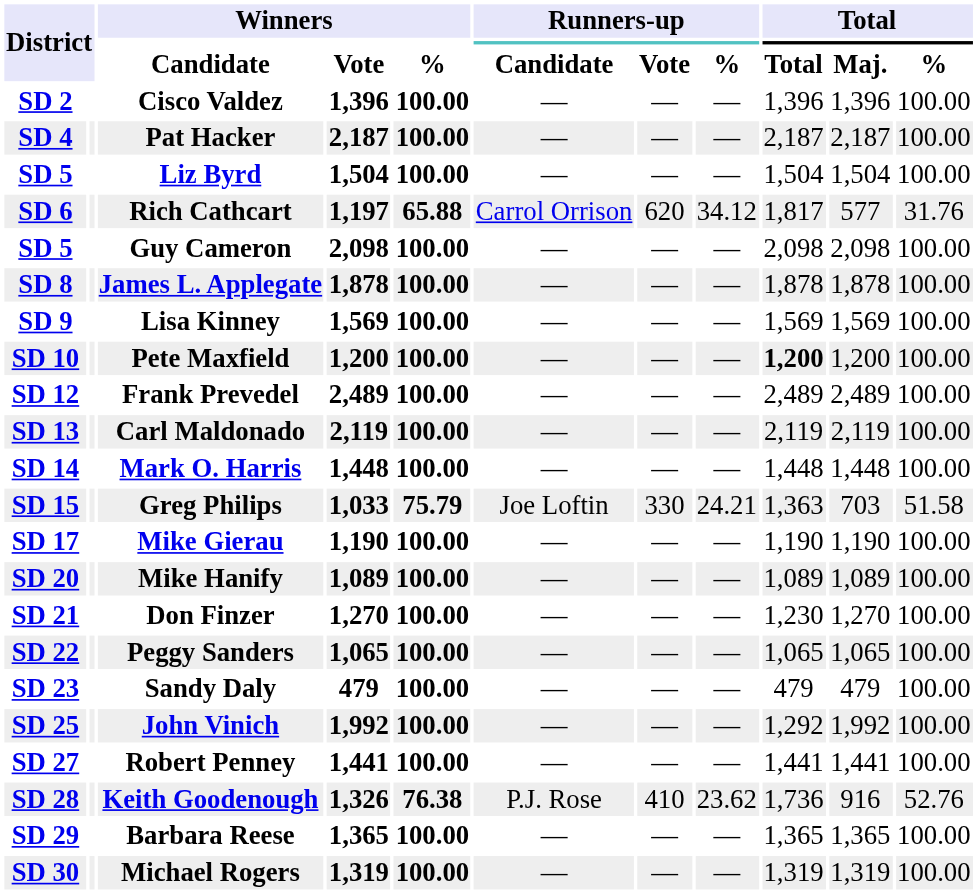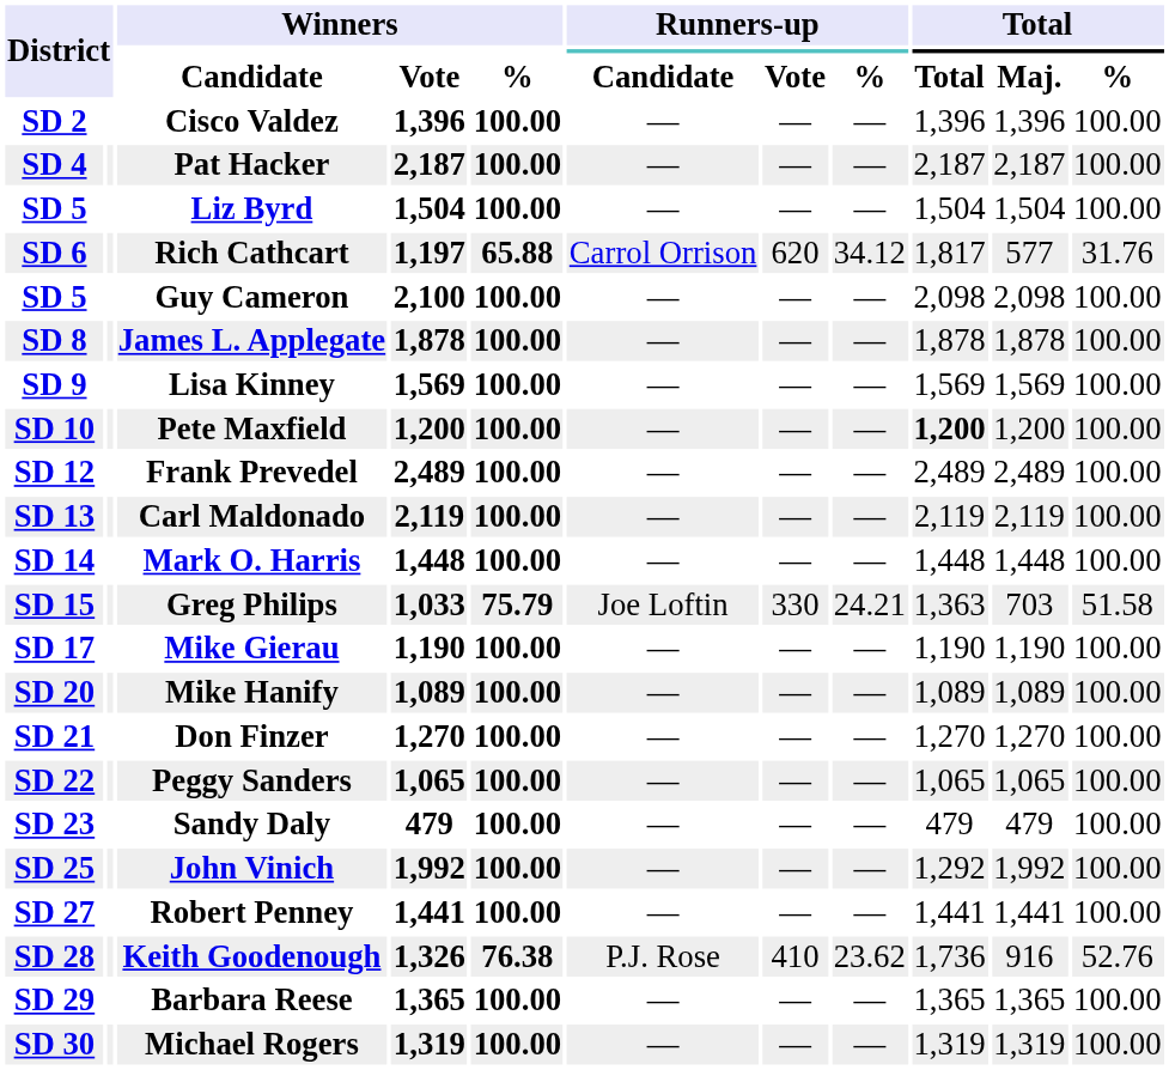 <table class="toccolours sortable" style="text-align:center;">
 <tr style="background:lavender">
 <th rowspan="3" colspan="2">District</th>
 <th colspan=3>Winners</th>
 <th colspan=3>Runners-up</th>
 <th colspan=3>Total</th>
 </tr>
 <tr>
 <th colspan=3 style="background-color:"></th>
 <th colspan=3 style="background-color:#51C2C2"></th>
 <th colspan=3 style="background-color:#000000"></th>
 </tr>
 <tr>
 <th align="center">Candidate</th>
 <th align="center">Vote</th>
 <th align="center">%</th>
 <th align="center">Candidate</th>
 <th align="center">Vote</th>
 <th align="center">%</th>
 <th align="center">Total</th>
 <th align="center">Maj.</th>
 <th align="center">%</th>
 </tr>
 <tr>
 <th><a href='#'>SD 2</a></th>
 <td style="background-color:"></td>
 <td><strong>Cisco Valdez</strong></td>
 <td><strong>1,396</strong></td>
 <td><strong>100.00	</strong></td>
 <td>—</td>
 <td>—</td>
 <td>—</td>
 <td>1,396</td>
 <td>1,396</td>
 <td>100.00</td>
 </tr>
 <tr style="background:#EEEEEE;">
 <th><a href='#'>SD 4</a></th>
 <td style="background-color:"></td>
 <td><strong>Pat Hacker</strong></td>
 <td><strong>2,187</strong></td>
 <td><strong>100.00	</strong></td>
 <td>—</td>
 <td>—</td>
 <td>—</td>
 <td>2,187</td>
 <td>2,187</td>
 <td>100.00</td>
 </tr>
 <tr>
 <th><a href='#'>SD 5</a></th>
 <td style="background-color:"></td>
 <td><strong><a href='#'>Liz Byrd</a></strong></td>
 <td><strong>1,504</strong></td>
 <td><strong>100.00	</strong></td>
 <td>—</td>
 <td>—</td>
 <td>—</td>
 <td>1,504</td>
 <td>1,504</td>
 <td>100.00</td>
 </tr>
 <tr style="background:#EEEEEE;">
 <th><a href='#'>SD 6</a></th>
 <td style="background-color:"></td>
 <td><strong>Rich Cathcart</strong></td>
 <td><strong>1,197</strong></td>
 <td><strong>65.88	</strong></td>
 <td><a href='#'>Carrol Orrison</a></td>
 <td>620</td>
 <td>34.12</td>
 <td>1,817</td>
 <td>577</td>
 <td>31.76</td>
 </tr>
 <tr>
 <th><a href='#'>SD 5</a></th>
 <td style="background-color:"></td>
 <td><strong>Guy Cameron</strong></td>
-<td><strong>2,098</strong></td>
+<td><strong>2,100</strong></td>
 <td><strong>100.00	</strong></td>
 <td>—</td>
 <td>—</td>
 <td>—</td>
 <td>2,098</td>
 <td>2,098</td>
 <td>100.00</td>
 </tr>
 <tr style="background:#EEEEEE;">
 <th><a href='#'>SD 8</a></th>
 <td style="background-color:"></td>
 <td><strong><a href='#'>James L. Applegate</a></strong></td>
 <td><strong>1,878</strong></td>
 <td><strong>100.00	</strong></td>
 <td>—</td>
 <td>—</td>
 <td>—</td>
 <td>1,878</td>
 <td>1,878</td>
 <td>100.00</td>
 </tr>
 <tr>
 <th><a href='#'>SD 9</a></th>
 <td style="background-color:"></td>
 <td><strong>Lisa Kinney</strong></td>
 <td><strong>1,569</strong></td>
 <td><strong>100.00	</strong></td>
 <td>—</td>
 <td>—</td>
 <td>—</td>
 <td>1,569</td>
 <td>1,569</td>
 <td>100.00</td>
 </tr>
 <tr style="background:#EEEEEE;">
 <th><a href='#'>SD 10</a></th>
 <td style="background-color:"></td>
 <td><strong>Pete Maxfield</strong></td>
 <td><strong>1,200</strong></td>
 <td><strong>100.00	</strong></td>
 <td>—</td>
 <td>—</td>
 <td>—</td>
 <td><strong>1,200</strong></td>
 <td>1,200</td>
 <td>100.00</td>
 </tr>
 <tr>
 <th><a href='#'>SD 12</a></th>
 <td style="background-color:"></td>
 <td><strong>Frank Prevedel</strong></td>
 <td><strong>2,489</strong></td>
 <td><strong>100.00	</strong></td>
 <td>—</td>
 <td>—</td>
 <td>—</td>
 <td>2,489</td>
 <td>2,489</td>
 <td>100.00</td>
 </tr>
 <tr style="background:#EEEEEE;">
 <th><a href='#'>SD 13</a></th>
 <td style="background-color:"></td>
 <td><strong>Carl Maldonado</strong></td>
 <td><strong>2,119</strong></td>
 <td><strong>100.00	</strong></td>
 <td>—</td>
 <td>—</td>
 <td>—</td>
 <td>2,119</td>
 <td>2,119</td>
 <td>100.00</td>
 </tr>
 <tr>
 <th><a href='#'>SD 14</a></th>
 <td style="background-color:"></td>
 <td><strong><a href='#'>Mark O. Harris</a></strong></td>
 <td><strong>1,448</strong></td>
 <td><strong>100.00	</strong></td>
 <td>—</td>
 <td>—</td>
 <td>—</td>
 <td>1,448</td>
 <td>1,448</td>
 <td>100.00</td>
 </tr>
 <tr style="background:#EEEEEE;">
 <th><a href='#'>SD 15</a></th>
 <td style="background-color:"></td>
 <td><strong>Greg Philips</strong></td>
 <td><strong>1,033</strong></td>
 <td><strong>75.79	</strong></td>
 <td>Joe Loftin</td>
 <td>330</td>
 <td>24.21</td>
 <td>1,363</td>
 <td>703</td>
 <td>51.58</td>
 </tr>
 <tr>
 <th><a href='#'>SD 17</a></th>
 <td style="background-color:"></td>
 <td><strong><a href='#'>Mike Gierau</a></strong></td>
 <td><strong>1,190</strong></td>
 <td><strong>100.00	</strong></td>
 <td>—</td>
 <td>—</td>
 <td>—</td>
 <td>1,190</td>
 <td>1,190</td>
 <td>100.00</td>
 </tr>
 <tr style="background:#EEEEEE;">
 <th><a href='#'>SD 20</a></th>
 <td style="background-color:"></td>
 <td><strong>Mike Hanify</strong></td>
 <td><strong>1,089</strong></td>
 <td><strong>100.00	</strong></td>
 <td>—</td>
 <td>—</td>
 <td>—</td>
 <td>1,089</td>
 <td>1,089</td>
 <td>100.00</td>
 </tr>
 <tr>
 <th><a href='#'>SD 21</a></th>
 <td style="background-color:"></td>
 <td><strong>Don Finzer</strong></td>
 <td><strong>1,270</strong></td>
 <td><strong>100.00	</strong></td>
 <td>—</td>
 <td>—</td>
 <td>—</td>
-<td>1,230</td>
+<td>1,270</td>
 <td>1,270</td>
 <td>100.00</td>
 </tr>
 <tr style="background:#EEEEEE;">
 <th><a href='#'>SD 22</a></th>
 <td style="background-color:"></td>
 <td><strong>Peggy Sanders</strong></td>
 <td><strong>1,065</strong></td>
 <td><strong>100.00	</strong></td>
 <td>—</td>
 <td>—</td>
 <td>—</td>
 <td>1,065</td>
 <td>1,065</td>
 <td>100.00</td>
 </tr>
 <tr>
 <th><a href='#'>SD 23</a></th>
 <td style="background-color:"></td>
 <td><strong>Sandy Daly</strong></td>
 <td><strong>479</strong></td>
 <td><strong>100.00	</strong></td>
 <td>—</td>
 <td>—</td>
 <td>—</td>
 <td>479</td>
 <td>479</td>
 <td>100.00</td>
 </tr>
 <tr style="background:#EEEEEE;">
 <th><a href='#'>SD 25</a></th>
 <td style="background-color:"></td>
 <td><strong><a href='#'>John Vinich</a></strong></td>
 <td><strong>1,992</strong></td>
 <td><strong>100.00	</strong></td>
 <td>—</td>
 <td>—</td>
 <td>—</td>
 <td>1,292</td>
 <td>1,992</td>
 <td>100.00</td>
 </tr>
 <tr>
 <th><a href='#'>SD 27</a></th>
 <td style="background-color:"></td>
 <td><strong>Robert Penney</strong></td>
 <td><strong>1,441</strong></td>
 <td><strong>100.00	</strong></td>
 <td>—</td>
 <td>—</td>
 <td>—</td>
 <td>1,441</td>
 <td>1,441</td>
 <td>100.00</td>
 </tr>
 <tr style="background:#EEEEEE;">
 <th><a href='#'>SD 28</a></th>
 <td style="background-color:"></td>
 <td><strong><a href='#'>Keith Goodenough</a></strong></td>
 <td><strong>1,326</strong></td>
 <td><strong>76.38</strong></td>
 <td>P.J. Rose</td>
 <td>410</td>
 <td>23.62</td>
 <td>1,736</td>
 <td>916</td>
 <td>52.76</td>
 </tr>
 <tr>
 <th><a href='#'>SD 29</a></th>
 <td style="background-color:"></td>
 <td><strong>Barbara Reese</strong></td>
 <td><strong>1,365</strong></td>
 <td><strong>100.00	</strong></td>
 <td>—</td>
 <td>—</td>
 <td>—</td>
 <td>1,365</td>
 <td>1,365</td>
 <td>100.00</td>
 </tr>
 <tr style="background:#EEEEEE;">
 <th><a href='#'>SD 30</a></th>
 <td style="background-color:"></td>
 <td><strong>Michael Rogers</strong></td>
 <td><strong>1,319</strong></td>
 <td><strong>100.00</strong></td>
 <td>—</td>
 <td>—</td>
 <td>—</td>
 <td>1,319</td>
 <td>1,319</td>
 <td>100.00</td>
 </tr>
 <tr>
 </tr>
 </table>
